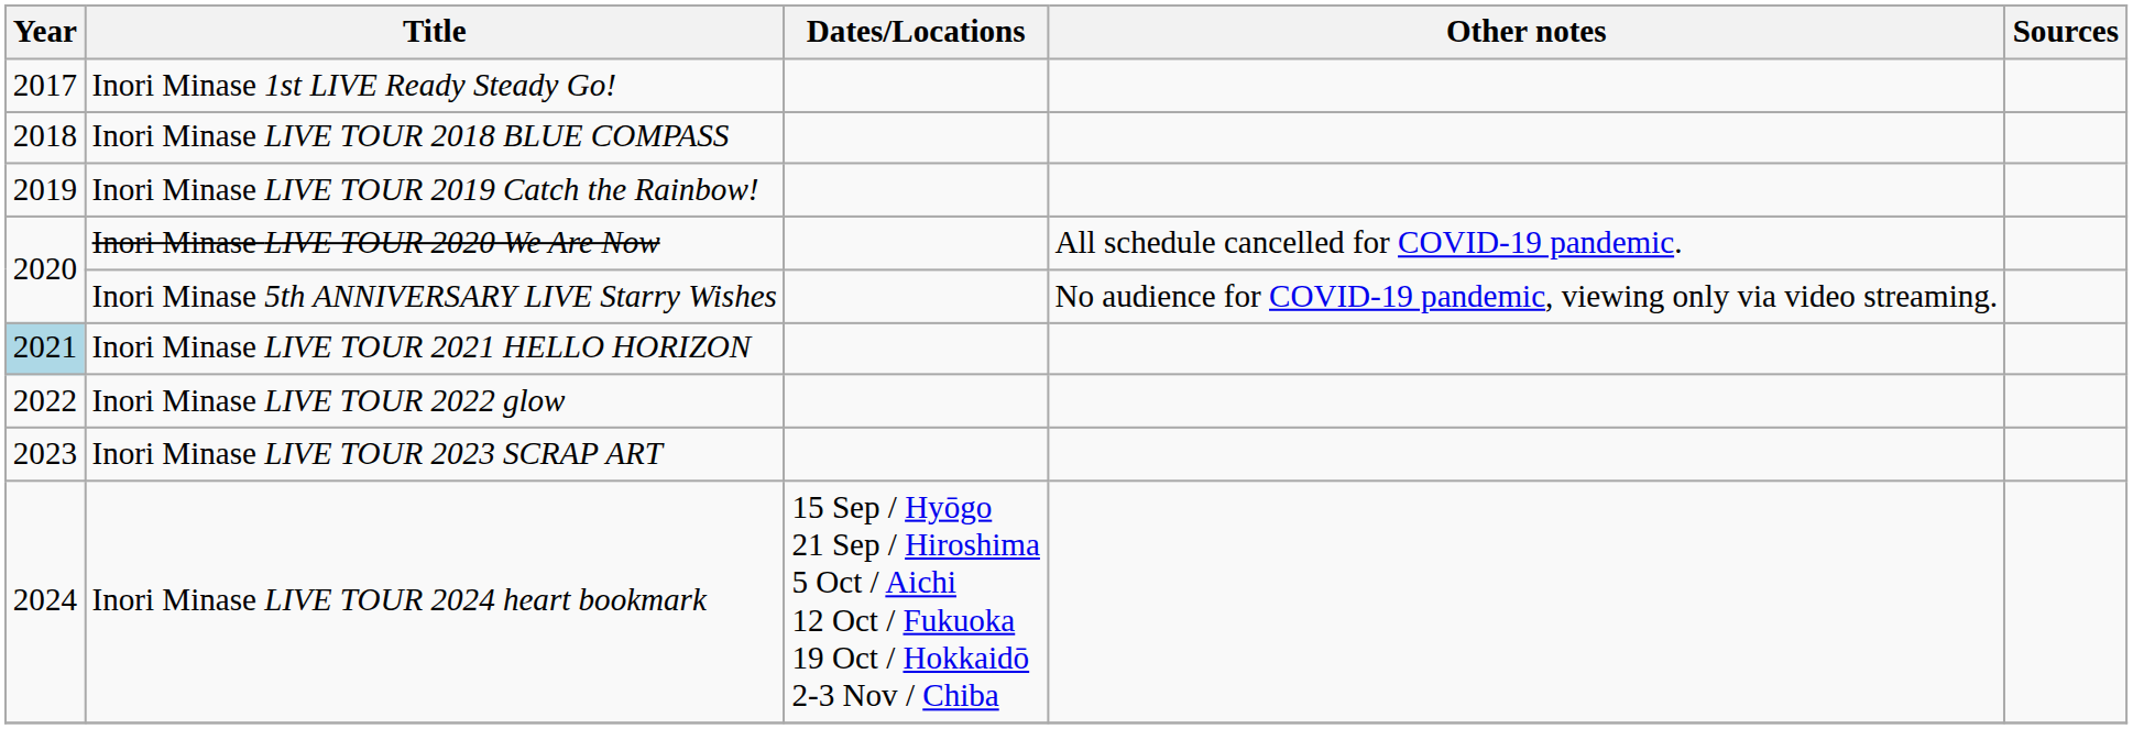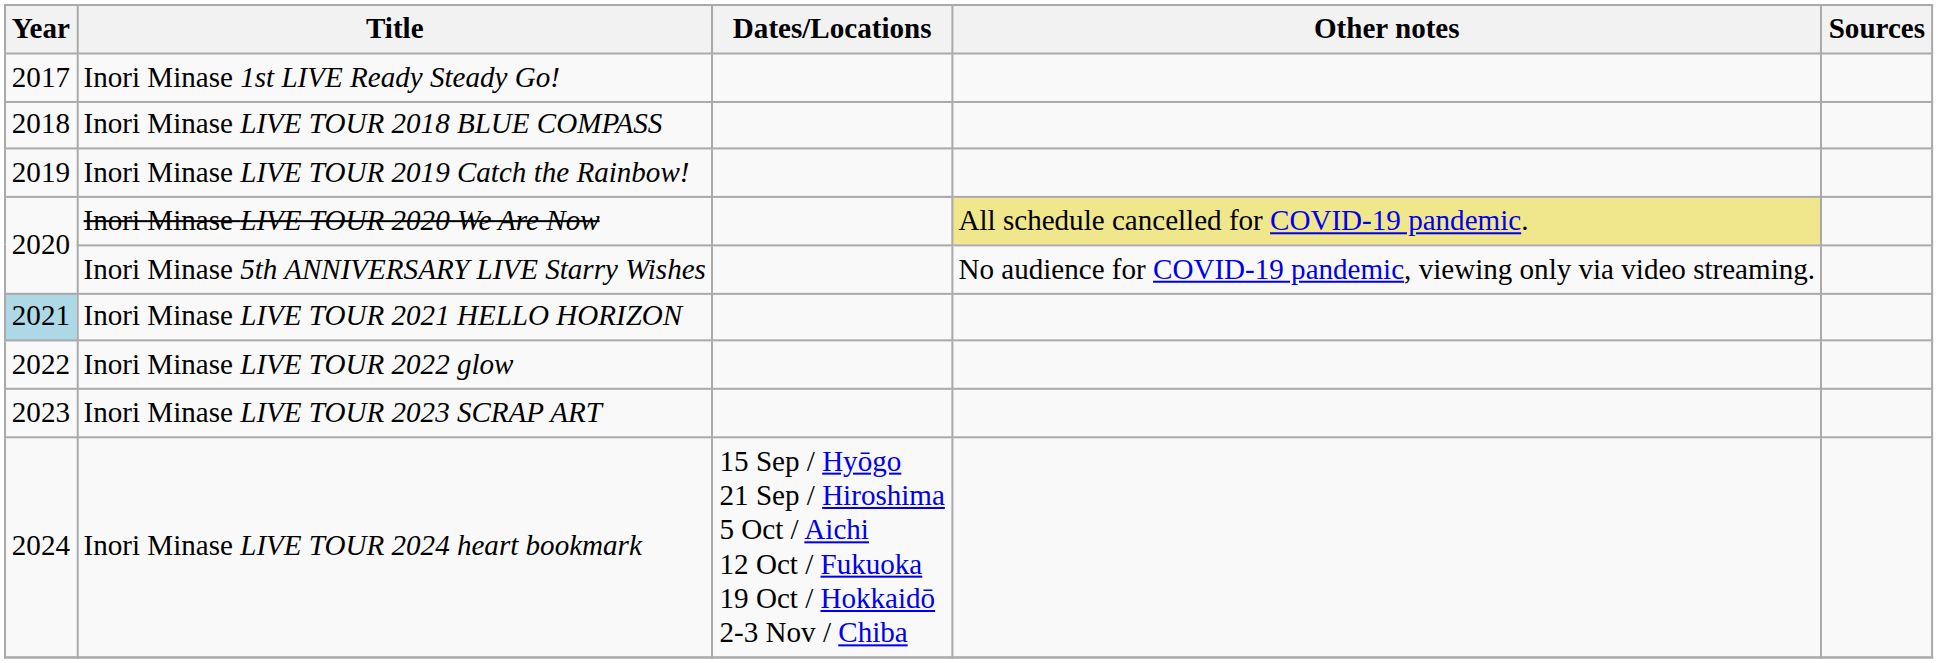 <table class="wikitable" style="font-size: 90%;">
 <tr>
 <th>Year</th>
 <th>Title</th>
 <th>Dates/Locations</th>
 <th>Other notes</th>
 <th>Sources</th>
 </tr>
 <tr>
 <td>2017</td>
 <td>Inori Minase <em>1st LIVE Ready Steady Go!</em></td>
 <td></td>
 <td></td>
 <td></td>
 </tr>
 <tr>
 <td>2018</td>
 <td>Inori Minase <em>LIVE TOUR 2018 BLUE COMPASS</em></td>
 <td></td>
 <td></td>
 <td></td>
 </tr>
 <tr>
 <td>2019</td>
 <td>Inori Minase <em>LIVE TOUR 2019 Catch the Rainbow!</em></td>
 <td></td>
 <td></td>
 <td></td>
 </tr>
 <tr>
 <td rowspan="2">2020</td>
 <td><s>Inori Minase <em>LIVE TOUR 2020 We Are Now</em></s></td>
 <td></td>
-<td>All schedule cancelled for <a href='#'>COVID-19 pandemic</a>.</td>
+<td style="background: khaki;">All schedule cancelled for <a href='#'>COVID-19 pandemic</a>.</td>
 <td></td>
 </tr>
 <tr>
 <td>Inori Minase <em>5th ANNIVERSARY LIVE Starry Wishes</em></td>
 <td></td>
 <td>No audience for <a href='#'>COVID-19 pandemic</a>, viewing only via video streaming.</td>
 <td></td>
 </tr>
 <tr>
 <td style="background: lightblue;">2021</td>
 <td>Inori Minase <em>LIVE TOUR 2021 HELLO HORIZON</em></td>
 <td></td>
 <td></td>
 <td></td>
 </tr>
 <tr>
 <td>2022</td>
 <td>Inori Minase <em>LIVE TOUR 2022 glow</em></td>
 <td></td>
 <td></td>
 <td></td>
 </tr>
 <tr>
 <td>2023</td>
 <td>Inori Minase <em>LIVE TOUR 2023 SCRAP ART</em></td>
 <td></td>
 <td></td>
 <td></td>
 </tr>
 <tr>
 <td>2024</td>
 <td>Inori Minase <em>LIVE TOUR 2024 heart bookmark</em></td>
 <td>15 Sep / <a href='#'>Hyōgo</a><br>21 Sep / <a href='#'>Hiroshima</a><br>5 Oct / <a href='#'>Aichi</a><br>12 Oct / <a href='#'>Fukuoka</a><br>19 Oct / <a href='#'>Hokkaidō</a><br>2-3 Nov / <a href='#'>Chiba</a></td>
 <td></td>
 <td></td>
 </tr>
 <tr>
 </tr>
 </table>
